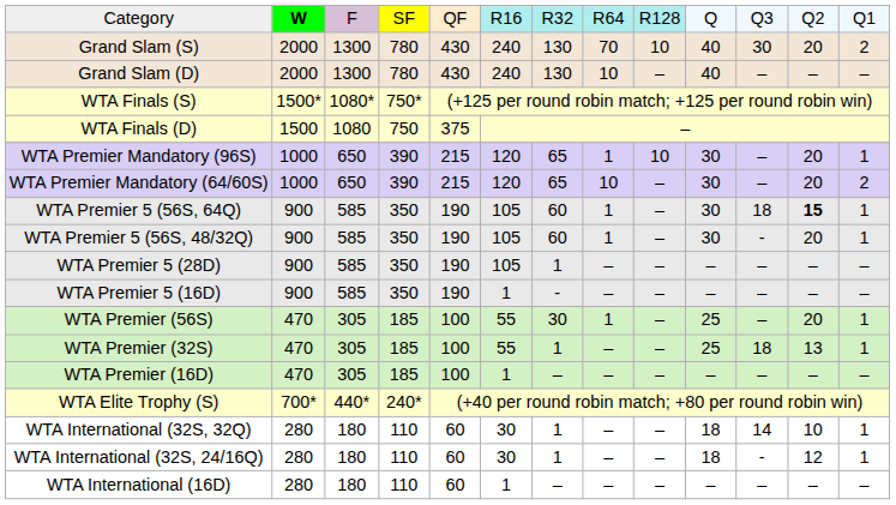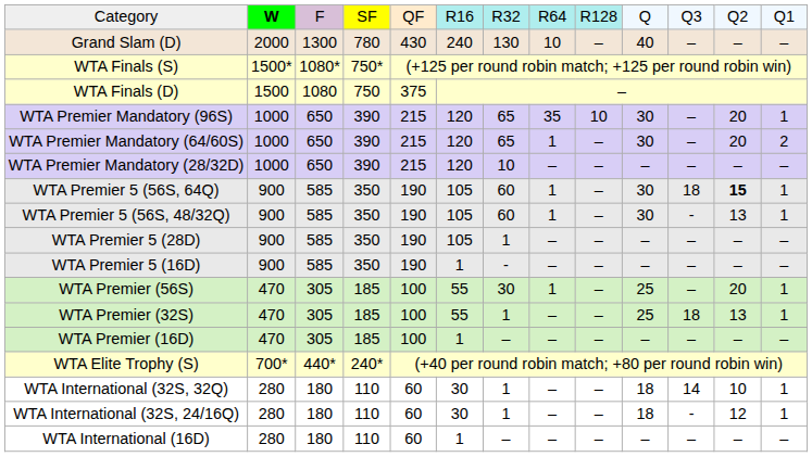 <table class="wikitable">
 <tr align=center>
 <td style="background:#efefef;">Category</td>
 <td style="width:40px; background:lime;"><strong>W</strong></td>
 <td style="width:40px; background:thistle;">F</td>
 <td style="width:40px; background:#ff0;">SF</td>
 <td style="width:40px; background:#ffebcd;">QF</td>
 <td style="width:40px; background:#afeeee;">R16</td>
 <td style="width:40px; background:#afeeee;">R32</td>
 <td style="width:40px; background:#afeeee;">R64</td>
 <td style="width:40px; background:#afeeee;">R128</td>
 <td style="width:40px; background:#f0f8ff;">Q</td>
 <td style="width:40px; background:#f0f8ff;">Q3</td>
 <td style="width:40px; background:#f0f8ff;">Q2</td>
 <td style="width:40px; background:#f0f8ff;">Q1</td>
-</tr>
-<tr style="text-align:center; background:#F3E6D7;">
-<td>Grand Slam (S)</td>
-<td>2000</td>
-<td>1300</td>
-<td>780</td>
-<td>430</td>
-<td>240</td>
-<td>130</td>
-<td>70</td>
-<td>10</td>
-<td>40</td>
-<td>30</td>
-<td>20</td>
-<td>2</td>
 </tr>
 <tr style="text-align:center; background:#F3E6D7;">
 <td>Grand Slam (D)</td>
 <td>2000</td>
 <td>1300</td>
 <td>780</td>
 <td>430</td>
 <td>240</td>
 <td>130</td>
 <td>10</td>
 <td>–</td>
 <td>40</td>
 <td>–</td>
 <td>–</td>
 <td>–</td>
 </tr>
 <tr style="text-align:center; background:#ffc;">
 <td>WTA Finals (S)</td>
 <td>1500*</td>
 <td>1080*</td>
 <td>750*</td>
 <td colspan="9" style="text-align:center">(+125 per round robin match; +125 per round robin win)</td>
 </tr>
 <tr style="text-align:center; background:#ffc;">
 <td>WTA Finals (D)</td>
 <td>1500</td>
 <td>1080</td>
 <td>750</td>
 <td>375</td>
 <td colspan="8" style="text-align:center">–</td>
 </tr>
 <tr style="text-align:center; background:#d8cef6;">
 <td>WTA Premier Mandatory (96S)</td>
 <td>1000</td>
 <td>650</td>
 <td>390</td>
 <td>215</td>
 <td>120</td>
 <td>65</td>
-<td>1</td>
+<td>35</td>
 <td>10</td>
 <td>30</td>
 <td>–</td>
 <td>20</td>
 <td>1</td>
 </tr>
 <tr style="text-align:center; background:#d8cef6;">
 <td>WTA Premier Mandatory (64/60S)</td>
 <td>1000</td>
 <td>650</td>
 <td>390</td>
 <td>215</td>
 <td>120</td>
 <td>65</td>
-<td>10</td>
+<td>1</td>
 <td>–</td>
 <td>30</td>
 <td>–</td>
 <td>20</td>
 <td>2</td>
+</tr>
+<tr style="text-align:center; background:#d8cef6;">
+<td>WTA Premier Mandatory (28/32D)</td>
+<td>1000</td>
+<td>650</td>
+<td>390</td>
+<td>215</td>
+<td>120</td>
+<td>10</td>
+<td>–</td>
+<td>–</td>
+<td>–</td>
+<td>–</td>
+<td>–</td>
+<td>–</td>
 </tr>
 <tr style="text-align:center; background:#E9E9E9;">
 <td>WTA Premier 5 (56S, 64Q)</td>
 <td>900</td>
 <td>585</td>
 <td>350</td>
 <td>190</td>
 <td>105</td>
 <td>60</td>
 <td>1</td>
 <td>–</td>
 <td>30</td>
 <td>18</td>
 <td><strong>15</strong></td>
 <td>1</td>
 </tr>
 <tr style="text-align:center; background:#E9E9E9;">
 <td>WTA Premier 5 (56S, 48/32Q)</td>
 <td>900</td>
 <td>585</td>
 <td>350</td>
 <td>190</td>
 <td>105</td>
 <td>60</td>
 <td>1</td>
 <td>–</td>
 <td>30</td>
 <td>-</td>
-<td>20</td>
+<td>13</td>
 <td>1</td>
 </tr>
 <tr style="text-align:center; background:#E9E9E9;">
 <td>WTA Premier 5 (28D)</td>
 <td>900</td>
 <td>585</td>
 <td>350</td>
 <td>190</td>
 <td>105</td>
 <td>1</td>
 <td>–</td>
 <td>–</td>
 <td>–</td>
 <td>–</td>
 <td>–</td>
 <td>–</td>
 </tr>
 <tr style="text-align:center; background:#E9E9E9;">
 <td>WTA Premier 5 (16D)</td>
 <td>900</td>
 <td>585</td>
 <td>350</td>
 <td>190</td>
 <td>1</td>
 <td>-</td>
 <td>–</td>
 <td>–</td>
 <td>–</td>
 <td>–</td>
 <td>–</td>
 <td>–</td>
 </tr>
 <tr style="text-align:center; background:#D4F1C5;">
 <td>WTA Premier (56S)</td>
 <td>470</td>
 <td>305</td>
 <td>185</td>
 <td>100</td>
 <td>55</td>
 <td>30</td>
 <td>1</td>
 <td>–</td>
 <td>25</td>
 <td>–</td>
 <td>20</td>
 <td>1</td>
 </tr>
 <tr style="text-align:center; background:#D4F1C5;">
 <td>WTA Premier (32S)</td>
 <td>470</td>
 <td>305</td>
 <td>185</td>
 <td>100</td>
 <td>55</td>
 <td>1</td>
 <td>–</td>
 <td>–</td>
 <td>25</td>
 <td>18</td>
 <td>13</td>
 <td>1</td>
 </tr>
 <tr style="text-align:center; background:#D4F1C5;">
 <td>WTA Premier (16D)</td>
 <td>470</td>
 <td>305</td>
 <td>185</td>
 <td>100</td>
 <td>1</td>
 <td>–</td>
 <td>–</td>
 <td>–</td>
 <td>–</td>
 <td>–</td>
 <td>–</td>
 <td>–</td>
 </tr>
 <tr style="text-align:center; background:#ffc;">
 <td>WTA Elite Trophy (S)</td>
 <td>700*</td>
 <td>440*</td>
 <td>240*</td>
 <td colspan="9" style="text-align:center">(+40 per round robin match; +80 per round robin win)</td>
 </tr>
 <tr style="text-align:center; background:#fff;">
 <td>WTA International (32S, 32Q)</td>
 <td>280</td>
 <td>180</td>
 <td>110</td>
 <td>60</td>
 <td>30</td>
 <td>1</td>
 <td>–</td>
 <td>–</td>
 <td>18</td>
 <td>14</td>
 <td>10</td>
 <td>1</td>
 </tr>
 <tr style="text-align:center; background:#fff;">
 <td>WTA International (32S, 24/16Q)</td>
 <td>280</td>
 <td>180</td>
 <td>110</td>
 <td>60</td>
 <td>30</td>
 <td>1</td>
 <td>–</td>
 <td>–</td>
 <td>18</td>
 <td>-</td>
 <td>12</td>
 <td>1</td>
 </tr>
 <tr style="text-align:center; background:#fff;">
 <td>WTA International (16D)</td>
 <td>280</td>
 <td>180</td>
 <td>110</td>
 <td>60</td>
 <td>1</td>
 <td>–</td>
 <td>–</td>
 <td>–</td>
 <td>–</td>
 <td>–</td>
 <td>–</td>
 <td>–</td>
 </tr>
 </table>
